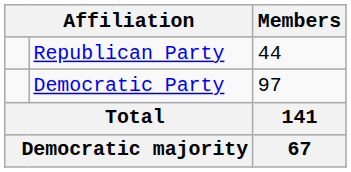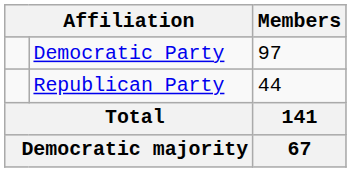 <table class="wikitable">
 <tr>
 <th colspan=2 align="center" valign="top">Affiliation</th>
 <th style="vertical-align:top;">Members</th>
 </tr>
 <tr>
 <td style="background-color:"> </td>
-<td><a href='#'>Republican Party</a></td>
-<td>44</td>
+<td><a href='#'>Democratic Party</a></td>
+<td>97</td>
 </tr>
 <tr>
 <td style="background-color:"> </td>
-<td><a href='#'>Democratic Party</a></td>
-<td>97</td>
+<td><a href='#'>Republican Party</a></td>
+<td>44</td>
 </tr>
 <tr>
 <th colspan=2> Total</th>
 <th>141</th>
 </tr>
 <tr>
 <th colspan=2> Democratic majority</th>
 <th>67</th>
 </tr>
 </table>
